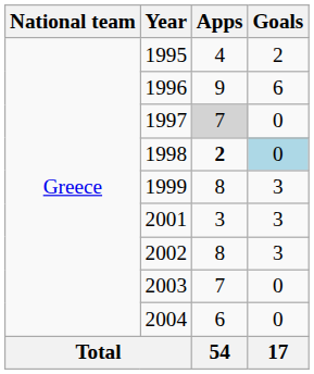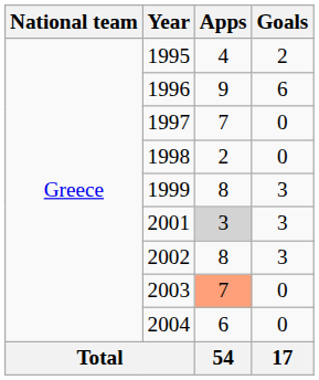 <table class="wikitable" style="text-align:center">
 <tr>
 <th>National team</th>
 <th>Year</th>
 <th>Apps</th>
 <th>Goals</th>
 </tr>
 <tr>
 <td rowspan="9"><a href='#'>Greece</a></td>
 <td>1995</td>
 <td>4</td>
 <td>2</td>
 </tr>
 <tr>
 <td>1996</td>
 <td>9</td>
 <td>6</td>
 </tr>
 <tr>
 <td>1997</td>
-<td style="background: lightgrey;">7</td>
+<td>7</td>
 <td>0</td>
 </tr>
 <tr>
 <td>1998</td>
-<td><strong>2</strong></td>
-<td style="background: lightblue;">0</td>
+<td>2</td>
+<td>0</td>
 </tr>
 <tr>
 <td>1999</td>
 <td>8</td>
 <td>3</td>
 </tr>
 <tr>
 <td>2001</td>
-<td>3</td>
+<td style="background: lightgrey;">3</td>
 <td>3</td>
 </tr>
 <tr>
 <td>2002</td>
 <td>8</td>
 <td>3</td>
 </tr>
 <tr>
 <td>2003</td>
-<td>7</td>
+<td style="background: lightsalmon;">7</td>
 <td>0</td>
 </tr>
 <tr>
 <td>2004</td>
 <td>6</td>
 <td>0</td>
 </tr>
 <tr>
 <th colspan="2">Total</th>
 <th>54</th>
 <th>17</th>
 </tr>
 </table>
